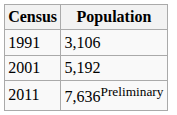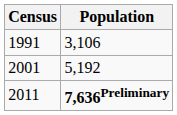 <table class="wikitable">
 <tr>
 <th>Census</th>
 <th>Population</th>
 </tr>
 <tr>
 <td>1991</td>
 <td>3,106</td>
 </tr>
 <tr>
 <td>2001</td>
 <td>5,192</td>
 </tr>
 <tr>
 <td>2011</td>
-<td>7,636<sup>Preliminary</sup></td>
+<td><strong>7,636<sup>Preliminary</sup></strong></td>
 </tr>
 </table>
